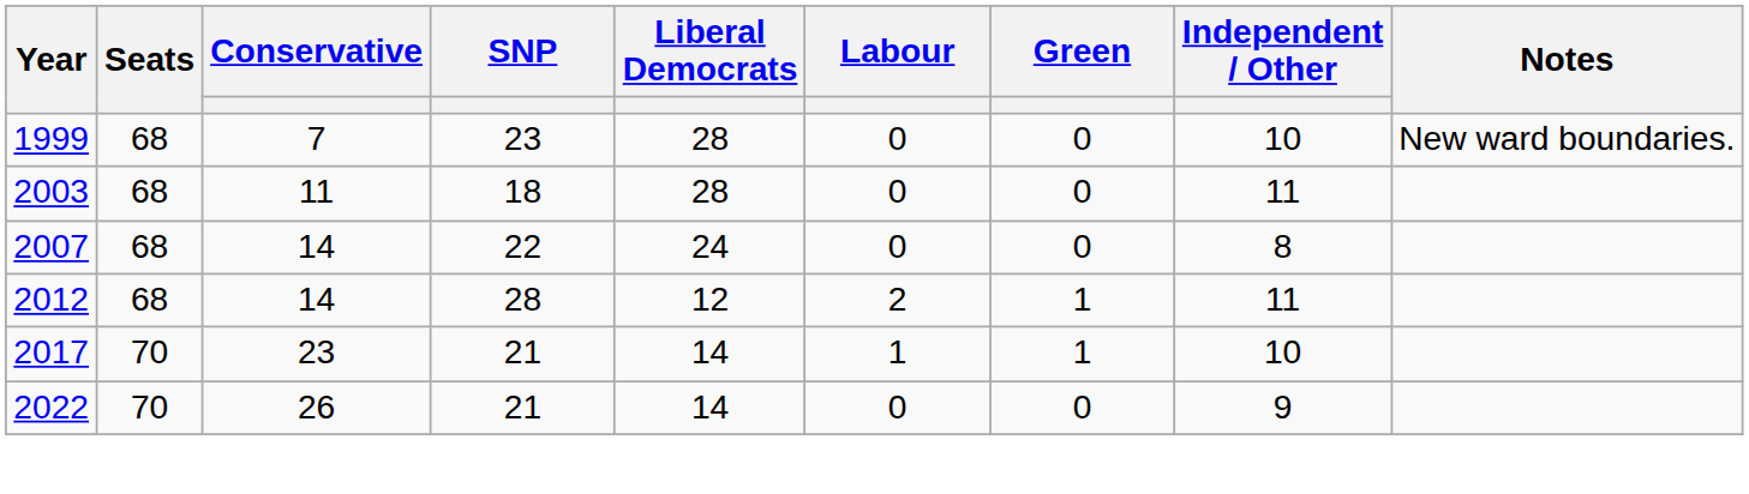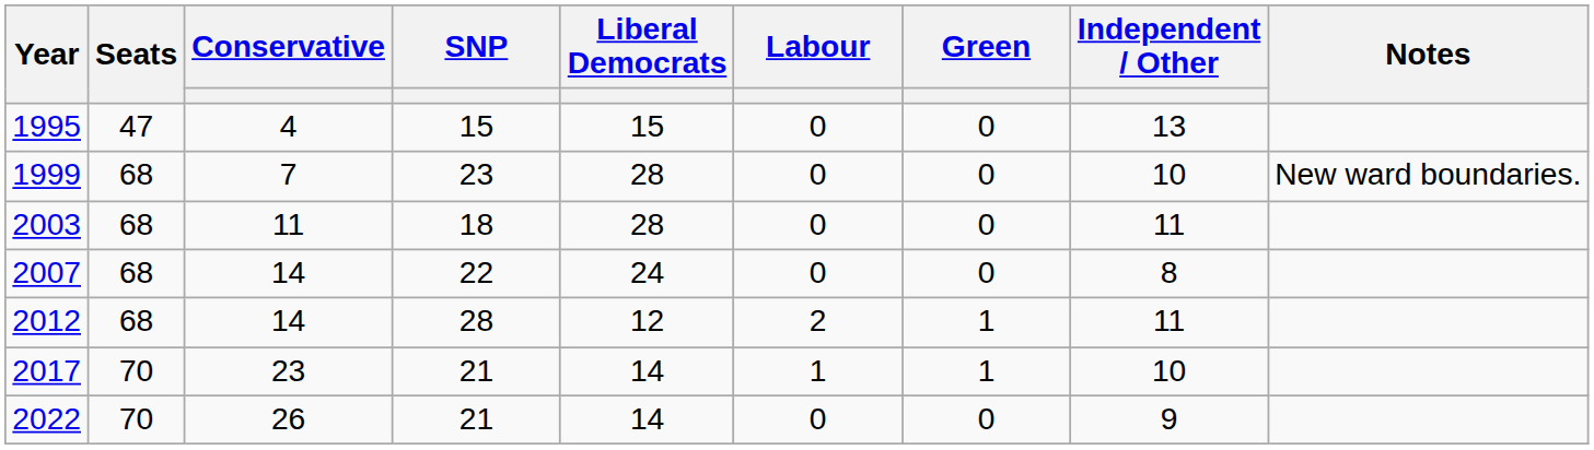 <table class="wikitable" style=text-align:center>
 <tr>
 <th rowspan=2>Year</th>
 <th rowspan=2>Seats</th>
 <th width="80"><a href='#'>Conservative</a></th>
 <th width="80"><a href='#'>SNP</a></th>
 <th width="80"><a href='#'>Liberal Democrats</a></th>
 <th width="80"><a href='#'>Labour</a></th>
 <th width="80"><a href='#'>Green</a></th>
 <th width="80"><a href='#'>Independent / Other</a></th>
 <th rowspan=2>Notes</th>
 </tr>
 <tr>
 <th style="background-color: "></th>
 <th style="background-color: "></th>
 <th style="background-color: "></th>
 <th style="background-color: "></th>
 <th style="background-color: "></th>
 <th style="background-color: "></th>
+</tr>
+<tr>
+<td><a href='#'>1995</a></td>
+<td>47</td>
+<td>4</td>
+<td>15</td>
+<td>15</td>
+<td>0</td>
+<td>0</td>
+<td>13</td>
+<td align=left></td>
 </tr>
 <tr>
 <td><a href='#'>1999</a></td>
 <td>68</td>
 <td>7</td>
 <td>23</td>
 <td>28</td>
 <td>0</td>
 <td>0</td>
 <td>10</td>
 <td align=left>New ward boundaries.</td>
 </tr>
 <tr>
 <td><a href='#'>2003</a></td>
 <td>68</td>
 <td>11</td>
 <td>18</td>
 <td>28</td>
 <td>0</td>
 <td>0</td>
 <td>11</td>
 <td align=left></td>
 </tr>
 <tr>
 <td><a href='#'>2007</a></td>
 <td>68</td>
 <td>14</td>
 <td>22</td>
 <td>24</td>
 <td>0</td>
 <td>0</td>
 <td>8</td>
 <td align=left></td>
 </tr>
 <tr>
 <td><a href='#'>2012</a></td>
 <td>68</td>
 <td>14</td>
 <td>28</td>
 <td>12</td>
 <td>2</td>
 <td>1</td>
 <td>11</td>
 <td align=left></td>
 </tr>
 <tr>
 <td><a href='#'>2017</a></td>
 <td>70</td>
 <td>23</td>
 <td>21</td>
 <td>14</td>
 <td>1</td>
 <td>1</td>
 <td>10</td>
 <td align=left></td>
 </tr>
 <tr>
 <td><a href='#'>2022</a></td>
 <td>70</td>
 <td>26</td>
 <td>21</td>
 <td>14</td>
 <td>0</td>
 <td>0</td>
 <td>9</td>
 <td align=left></td>
 </tr>
 </table>
